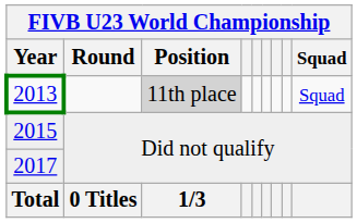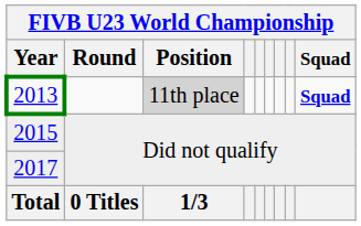 <table class="wikitable" style="text-align: center;">
 <tr>
 <th colspan=9><a href='#'>FIVB U23 World Championship</a>  </th>
 </tr>
 <tr>
 <th>Year</th>
 <th>Round</th>
 <th>Position</th>
 <th></th>
 <th></th>
 <th></th>
 <th></th>
 <th></th>
 <th><small>Squad</small></th>
 </tr>
 <tr>
 <td style="border:3px solid green"> <a href='#'>2013</a></td>
 <td></td>
 <td style="background: lightgrey;">11th place</td>
 <td></td>
 <td></td>
 <td></td>
 <td></td>
 <td></td>
-<td><small><a href='#'>Squad</a></small></td>
+<td><strong><small><a href='#'>Squad</a></small></strong></td>
 </tr>
 <tr bgcolor="efefef">
 <td> <a href='#'>2015</a></td>
 <td colspan=9 rowspan=2>Did not qualify</td>
 </tr>
 <tr bgcolor="efefef">
 <td> <a href='#'>2017</a></td>
 </tr>
 <tr>
 <th>Total</th>
 <th>0 Titles</th>
 <th>1/3</th>
 <th></th>
 <th></th>
 <th></th>
 <th></th>
 <th></th>
 <th></th>
 </tr>
 </table>
